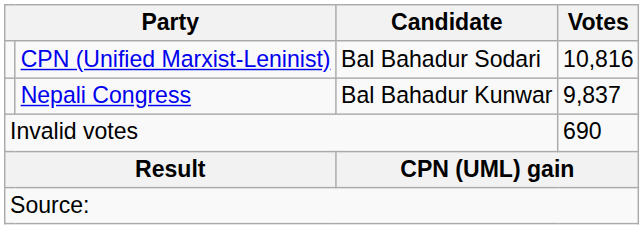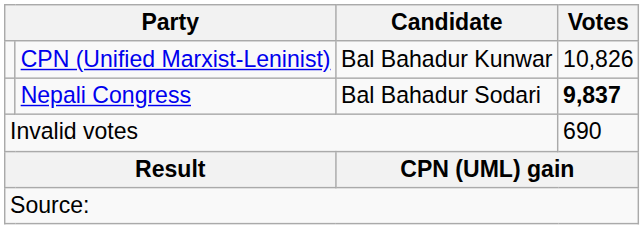 <table class="wikitable">
 <tr>
 <th colspan="2">Party</th>
 <th>Candidate</th>
 <th>Votes</th>
 </tr>
 <tr>
 <td style="background-color:"></td>
 <td><a href='#'>CPN (Unified Marxist-Leninist)</a></td>
-<td>Bal Bahadur Sodari</td>
-<td>10,816</td>
+<td>Bal Bahadur Kunwar</td>
+<td>10,826</td>
 </tr>
 <tr>
 <td style="background-color:"></td>
 <td><a href='#'>Nepali Congress</a></td>
-<td>Bal Bahadur Kunwar</td>
-<td>9,837</td>
+<td>Bal Bahadur Sodari</td>
+<td><strong>9,837</strong></td>
 </tr>
 <tr>
 <td colspan="3">Invalid votes</td>
 <td>690</td>
 </tr>
 <tr>
 <th colspan="2">Result</th>
 <th colspan="2">CPN (UML) gain</th>
 </tr>
 <tr>
 <td colspan="4">Source: </td>
 </tr>
 </table>
